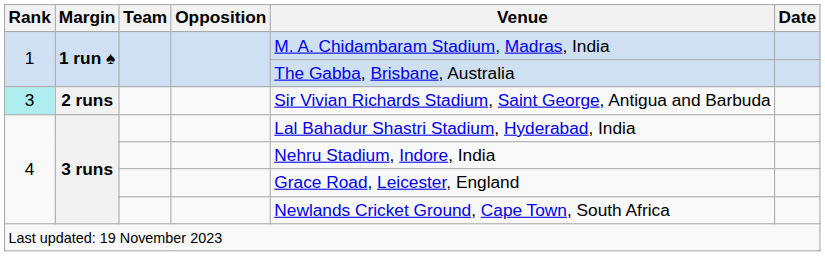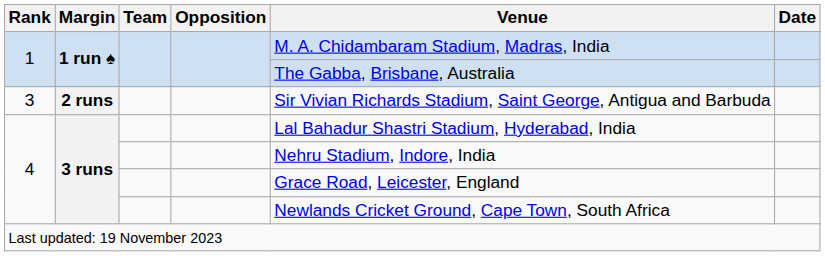 <table class="wikitable plainrowheaders sortable">
 <tr>
 <th scope=col>Rank</th>
 <th scope=col>Margin</th>
 <th scope=col>Team</th>
 <th scope=col>Opposition</th>
 <th scope=col>Venue</th>
 <th scope=col>Date</th>
 </tr>
 <tr bgcolor=#cee0f2>
 <td align=center rowspan=2 data-sort-value="1">1</td>
 <th scope=row style="background:#cee0f2; text-align:center;" rowspan=2>1 run ♠</th>
 <td rowspan=2></td>
 <td rowspan=2></td>
 <td><a href='#'>M. A. Chidambaram Stadium</a>, <a href='#'>Madras</a>, India</td>
 <td><a href='#'></a></td>
 </tr>
 <tr bgcolor=#cee0f2>
 <td><a href='#'>The Gabba</a>, <a href='#'>Brisbane</a>, Australia</td>
 <td><a href='#'></a></td>
 </tr>
 <tr>
-<td align=center style="background: paleturquoise;">3</td>
+<td align=center>3</td>
 <th scope=row style=text-align:center;>2 runs</th>
 <td></td>
 <td></td>
 <td><a href='#'>Sir Vivian Richards Stadium</a>, <a href='#'>Saint George</a>, Antigua and Barbuda</td>
 <td><a href='#'></a></td>
 </tr>
 <tr>
 <td align=center rowspan=4 data-sort-value="4">4</td>
 <th scope=row style=text-align:center; rowspan=4>3 runs</th>
 <td></td>
 <td></td>
 <td><a href='#'>Lal Bahadur Shastri Stadium</a>, <a href='#'>Hyderabad</a>, India</td>
 <td><a href='#'></a></td>
 </tr>
 <tr>
 <td></td>
 <td></td>
 <td><a href='#'>Nehru Stadium</a>, <a href='#'>Indore</a>, India</td>
 <td><a href='#'></a></td>
 </tr>
 <tr>
 <td></td>
 <td></td>
 <td><a href='#'>Grace Road</a>, <a href='#'>Leicester</a>, England</td>
 <td><a href='#'></a></td>
 </tr>
 <tr>
 <td></td>
 <td></td>
 <td><a href='#'>Newlands Cricket Ground</a>, <a href='#'>Cape Town</a>, South Africa</td>
 <td><a href='#'></a></td>
 </tr>
 <tr class=sortbottom>
 <td colspan=6><small>Last updated: 19 November 2023</small></td>
 </tr>
 </table>
